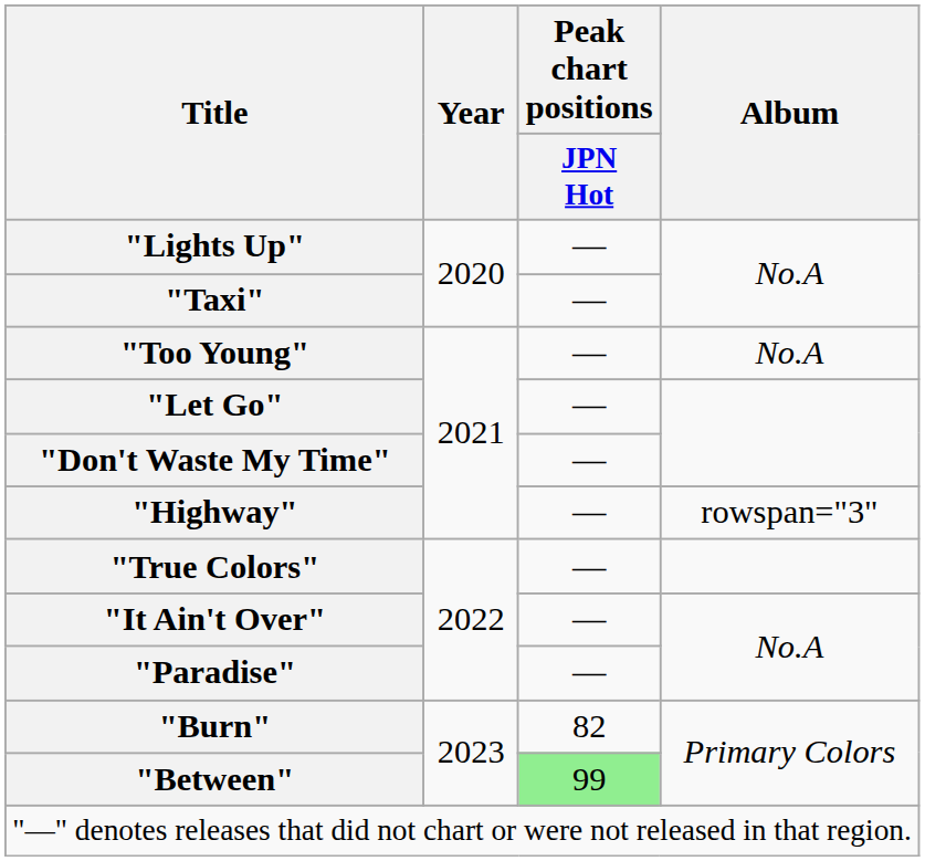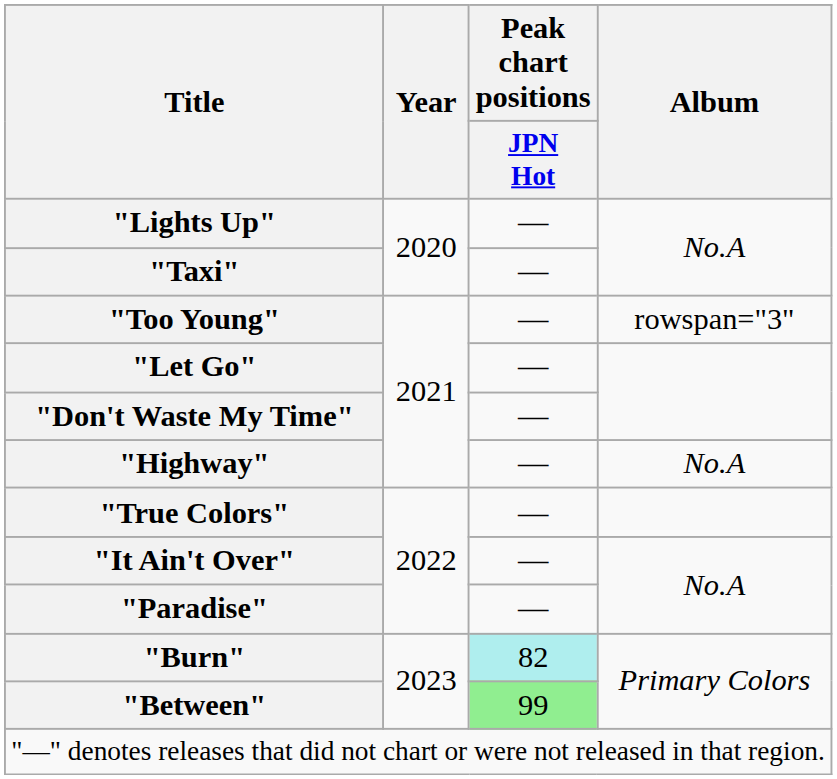 <table class="wikitable plainrowheaders" style="text-align:center;">
 <tr>
 <th scope="col" rowspan="2" style="width:12em;">Title</th>
 <th scope="col" rowspan="2">Year</th>
 <th scope="col" colspan="1">Peak chart positions</th>
 <th scope="col" rowspan="2">Album</th>
 </tr>
 <tr>
 <th scope="col" style="width:3em;font-size:90%;"><a href='#'>JPN<br>Hot</a><br></th>
 </tr>
 <tr>
 <th scope="row">"Lights Up"</th>
 <td rowspan="2">2020</td>
 <td>—</td>
 <td rowspan="2"><em>No.A</em></td>
 </tr>
 <tr>
 <th scope="row">"Taxi"<br></th>
 <td>—</td>
 </tr>
 <tr>
 <th scope="row">"Too Young"<br></th>
 <td rowspan="4">2021</td>
 <td>—</td>
-<td><em>No.A</em></td>
+<td>rowspan="3" </td>
 </tr>
 <tr>
 <th scope="row">"Let Go"<br></th>
 <td>—</td>
 </tr>
 <tr>
 <th scope="row">"Don't Waste My Time"</th>
 <td>—</td>
 </tr>
 <tr>
 <th scope="row">"Highway"</th>
 <td>—</td>
-<td>rowspan="3" </td>
+<td><em>No.A</em></td>
 </tr>
 <tr>
 <th scope="row">"True Colors"</th>
 <td rowspan="3">2022</td>
 <td>—</td>
 <td></td>
 </tr>
 <tr>
 <th scope="row">"It Ain't Over"</th>
 <td>—</td>
 <td rowspan="2"><em>No.A</em></td>
 </tr>
 <tr>
 <th scope="row">"Paradise"</th>
 <td>—</td>
 </tr>
 <tr>
 <th scope="row">"Burn"</th>
 <td rowspan="2">2023</td>
-<td>82</td>
+<td style="background: paleturquoise;">82</td>
 <td rowspan="2"><em>Primary Colors</em></td>
 </tr>
 <tr>
 <th scope="row">"Between"</th>
 <td style="background: lightgreen;">99</td>
 </tr>
 <tr>
 <td colspan="6" style="font-size:90%;">"—" denotes releases that did not chart or were not released in that region.</td>
 </tr>
 </table>
